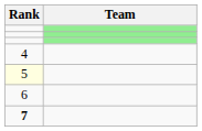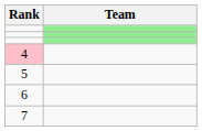 <table class="wikitable" style="text-align: center;">
 <tr>
 <th width=40>Rank</th>
 <th width=180>Team</th>
 </tr>
 <tr>
 <td></td>
 <td bgcolor=lightgreen align=left></td>
 </tr>
 <tr>
 <td></td>
 <td bgcolor=lightgreen align=left></td>
 </tr>
 <tr>
 <td></td>
 <td bgcolor=lightgreen align=left></td>
 </tr>
 <tr>
-<td>4</td>
+<td style="background: pink;">4</td>
 <td align=left></td>
 </tr>
 <tr>
-<td style="background: lightyellow;">5</td>
+<td>5</td>
 <td align=left></td>
 </tr>
 <tr>
 <td>6</td>
 <td align=left></td>
 </tr>
 <tr>
-<td><strong>7</strong></td>
+<td>7</td>
 <td align=left></td>
 </tr>
 </table>
